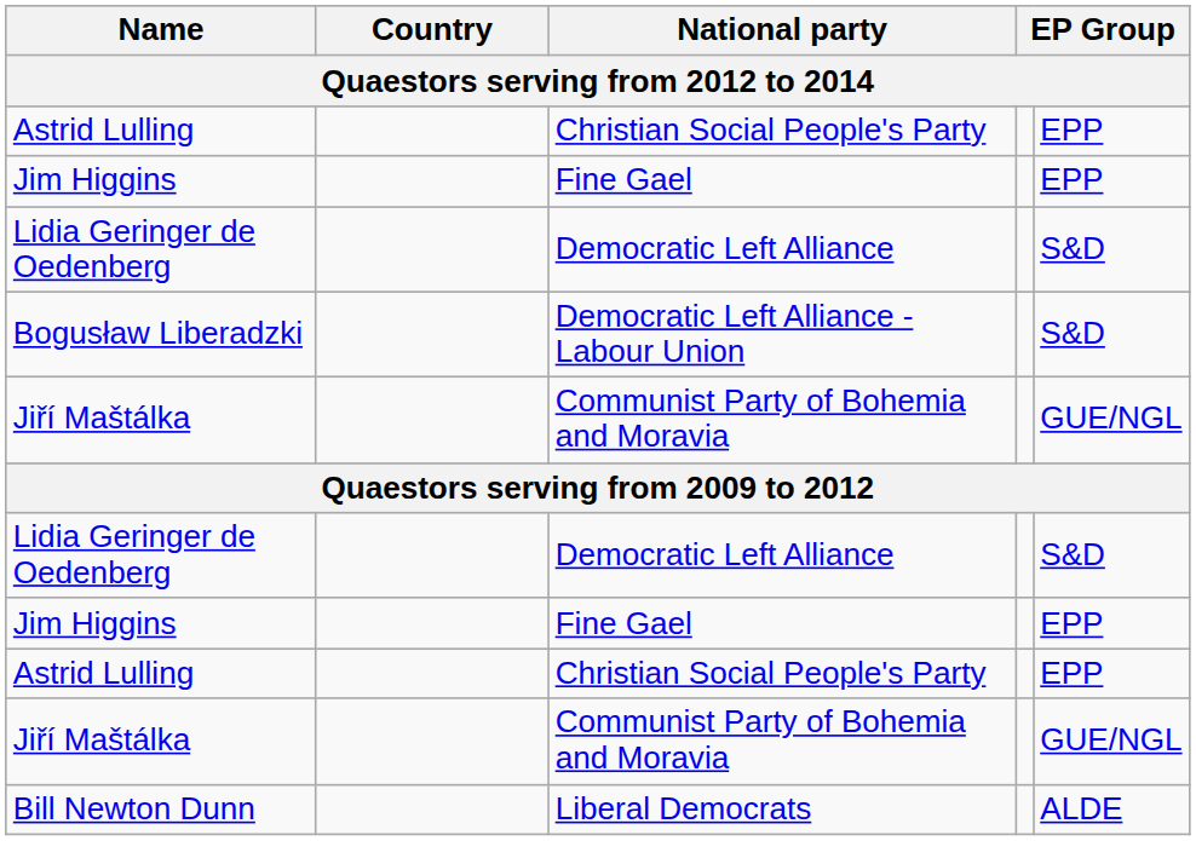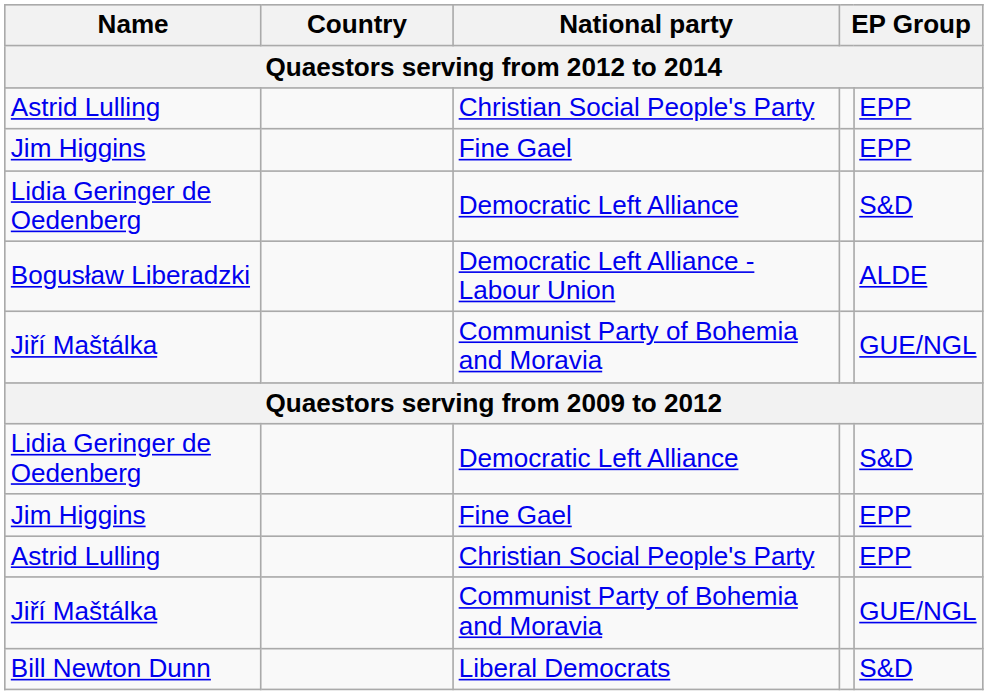 <table class="wikitable">
 <tr>
 <th scope="col" style="width:150px;">Name</th>
 <th scope="col" style="width:110px;">Country</th>
 <th scope="col" style="width:230px;">National party</th>
 <th colspan="2" style="width:60px;">EP Group</th>
 </tr>
 <tr>
 <th colspan="5" scope="col">Quaestors serving from 2012 to 2014</th>
 </tr>
 <tr>
 <td><a href='#'>Astrid Lulling</a></td>
 <td></td>
 <td><a href='#'>Christian Social People's Party</a></td>
 <td style="width:1px;background-color:"></td>
 <td><a href='#'>EPP</a></td>
 </tr>
 <tr>
 <td><a href='#'>Jim Higgins</a></td>
 <td></td>
 <td><a href='#'>Fine Gael</a></td>
 <td style="width:1px;background-color:"></td>
 <td><a href='#'>EPP</a></td>
 </tr>
 <tr>
 <td><a href='#'>Lidia Geringer de Oedenberg</a></td>
 <td></td>
 <td><a href='#'>Democratic Left Alliance</a></td>
 <td style="width:1px;background-color:"></td>
 <td><a href='#'>S&D</a></td>
 </tr>
 <tr>
 <td><a href='#'>Bogusław Liberadzki</a></td>
 <td></td>
 <td><a href='#'>Democratic Left Alliance - Labour Union</a></td>
 <td style="width:1px;background-color:"></td>
-<td><a href='#'>S&D</a></td>
+<td><a href='#'>ALDE</a></td>
 </tr>
 <tr>
 <td><a href='#'>Jiří Maštálka</a></td>
 <td></td>
 <td><a href='#'>Communist Party of Bohemia and Moravia</a></td>
 <td style="width:1px;background-color:"></td>
 <td><a href='#'>GUE/NGL</a></td>
 </tr>
 <tr>
 <th colspan="5" scope="col">Quaestors serving from 2009 to 2012</th>
 </tr>
 <tr>
 <td><a href='#'>Lidia Geringer de Oedenberg</a></td>
 <td></td>
 <td><a href='#'>Democratic Left Alliance</a></td>
 <td style="width:1px;background-color:"></td>
 <td><a href='#'>S&D</a></td>
 </tr>
 <tr>
 <td><a href='#'>Jim Higgins</a></td>
 <td></td>
 <td><a href='#'>Fine Gael</a></td>
 <td style="width:1px;background-color:"></td>
 <td><a href='#'>EPP</a></td>
 </tr>
 <tr>
 <td><a href='#'>Astrid Lulling</a></td>
 <td></td>
 <td><a href='#'>Christian Social People's Party</a></td>
 <td style="width:1px;background-color:"></td>
 <td><a href='#'>EPP</a></td>
 </tr>
 <tr>
 <td><a href='#'>Jiří Maštálka</a></td>
 <td></td>
 <td><a href='#'>Communist Party of Bohemia and Moravia</a></td>
 <td style="width:1px;background-color:"></td>
 <td><a href='#'>GUE/NGL</a></td>
 </tr>
 <tr>
 <td><a href='#'>Bill Newton Dunn</a></td>
 <td></td>
 <td><a href='#'>Liberal Democrats</a></td>
 <td style="width:1px;background-color:"></td>
-<td><a href='#'>ALDE</a></td>
+<td><a href='#'>S&D</a></td>
 </tr>
 </table>
